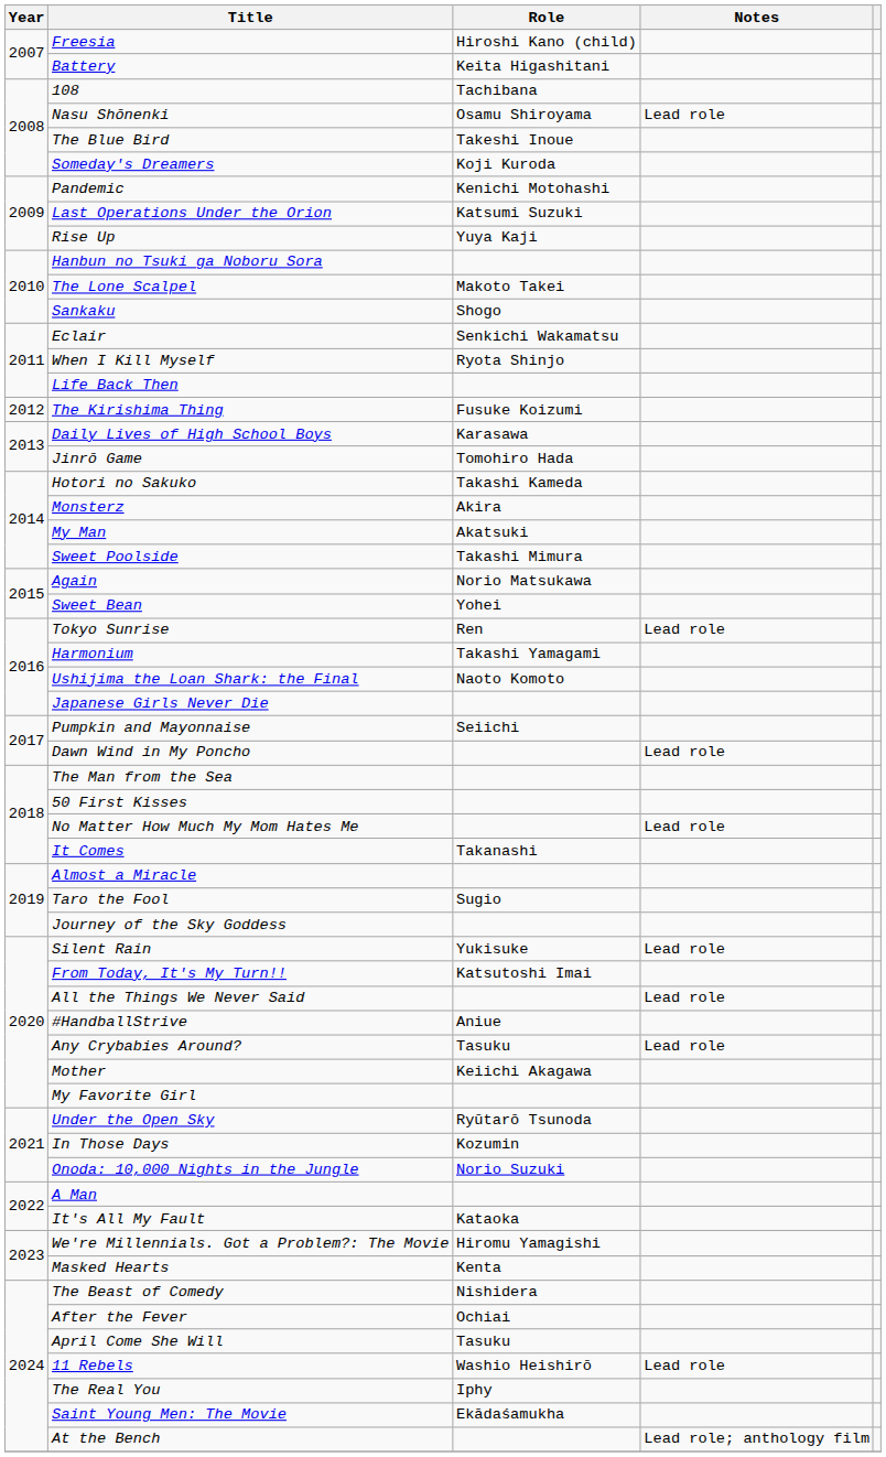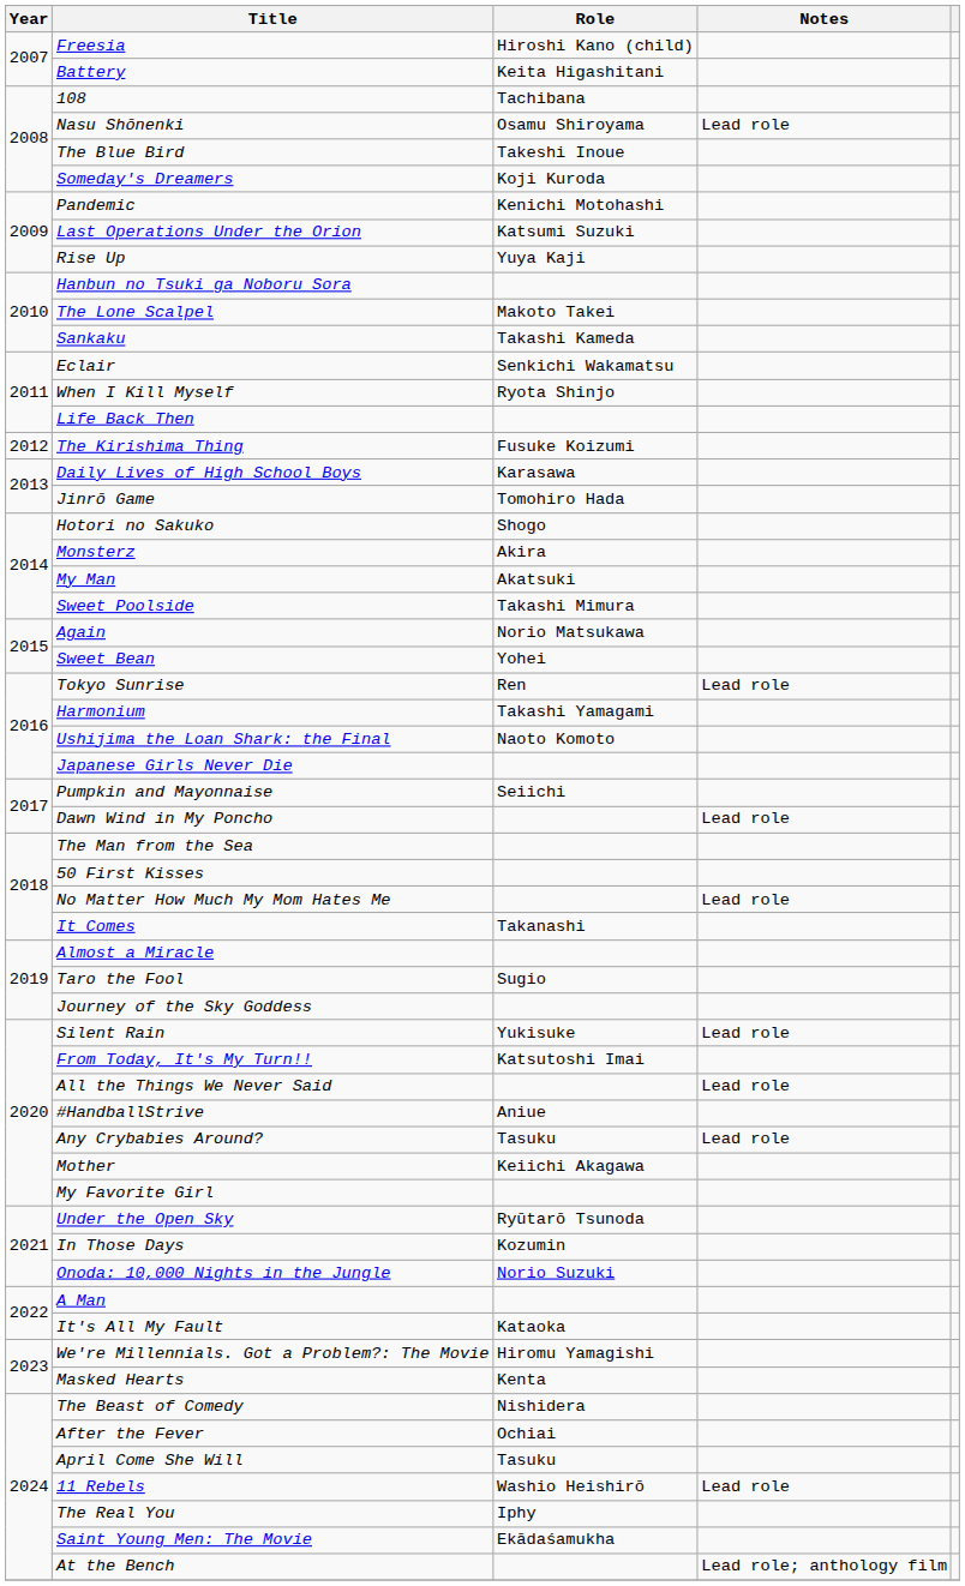 <table class="wikitable">
 <tr>
 <th>Year</th>
 <th>Title</th>
 <th>Role</th>
 <th>Notes</th>
 <th></th>
 </tr>
 <tr>
 <td rowspan="2">2007</td>
 <td><em><a href='#'>Freesia</a></em></td>
 <td>Hiroshi Kano (child)</td>
 <td></td>
 <td></td>
 </tr>
 <tr>
 <td><em><a href='#'>Battery</a></em></td>
 <td>Keita Higashitani</td>
 <td></td>
 <td></td>
 </tr>
 <tr>
 <td rowspan="4">2008</td>
 <td><em>108</em></td>
 <td>Tachibana</td>
 <td></td>
 <td></td>
 </tr>
 <tr>
 <td><em>Nasu Shōnenki</em></td>
 <td>Osamu Shiroyama</td>
 <td>Lead role</td>
 <td></td>
 </tr>
 <tr>
 <td><em>The Blue Bird</em></td>
 <td>Takeshi Inoue</td>
 <td></td>
 <td></td>
 </tr>
 <tr>
 <td><em><a href='#'>Someday's Dreamers</a></em></td>
 <td>Koji Kuroda</td>
 <td></td>
 <td></td>
 </tr>
 <tr>
 <td rowspan="3">2009</td>
 <td><em>Pandemic</em></td>
 <td>Kenichi Motohashi</td>
 <td></td>
 <td></td>
 </tr>
 <tr>
 <td><em><a href='#'>Last Operations Under the Orion</a></em></td>
 <td>Katsumi Suzuki</td>
 <td></td>
 <td></td>
 </tr>
 <tr>
 <td><em>Rise Up</em></td>
 <td>Yuya Kaji</td>
 <td></td>
 <td></td>
 </tr>
 <tr>
 <td rowspan="3">2010</td>
 <td><em><a href='#'>Hanbun no Tsuki ga Noboru Sora</a></em></td>
 <td></td>
 <td></td>
 <td></td>
 </tr>
 <tr>
 <td><em><a href='#'>The Lone Scalpel</a></em></td>
 <td>Makoto Takei</td>
 <td></td>
 <td></td>
 </tr>
 <tr>
 <td><em><a href='#'>Sankaku</a></em></td>
-<td>Shogo</td>
+<td>Takashi Kameda</td>
 <td></td>
 <td></td>
 </tr>
 <tr>
 <td rowspan="3">2011</td>
 <td><em>Eclair</em></td>
 <td>Senkichi Wakamatsu</td>
 <td></td>
 <td></td>
 </tr>
 <tr>
 <td><em>When I Kill Myself </em></td>
 <td>Ryota Shinjo</td>
 <td></td>
 <td></td>
 </tr>
 <tr>
 <td><em><a href='#'>Life Back Then</a></em></td>
 <td></td>
 <td></td>
 <td></td>
 </tr>
 <tr>
 <td>2012</td>
 <td><em><a href='#'>The Kirishima Thing</a></em></td>
 <td>Fusuke Koizumi</td>
 <td></td>
 <td></td>
 </tr>
 <tr>
 <td rowspan="2">2013</td>
 <td><em><a href='#'>Daily Lives of High School Boys</a></em></td>
 <td>Karasawa</td>
 <td></td>
 <td></td>
 </tr>
 <tr>
 <td><em>Jinrō Game</em></td>
 <td>Tomohiro Hada</td>
 <td></td>
 <td></td>
 </tr>
 <tr>
 <td rowspan="4">2014</td>
 <td><em>Hotori no Sakuko</em></td>
-<td>Takashi Kameda</td>
+<td>Shogo</td>
 <td></td>
 <td></td>
 </tr>
 <tr>
 <td><em><a href='#'>Monsterz</a></em></td>
 <td>Akira</td>
 <td></td>
 <td></td>
 </tr>
 <tr>
 <td><em><a href='#'>My Man</a></em></td>
 <td>Akatsuki</td>
 <td></td>
 <td></td>
 </tr>
 <tr>
 <td><em><a href='#'>Sweet Poolside</a></em></td>
 <td>Takashi Mimura</td>
 <td></td>
 <td></td>
 </tr>
 <tr>
 <td rowspan="2">2015</td>
 <td><em><a href='#'>Again</a></em></td>
 <td>Norio Matsukawa</td>
 <td></td>
 <td></td>
 </tr>
 <tr>
 <td><em><a href='#'>Sweet Bean</a></em></td>
 <td>Yohei</td>
 <td></td>
 <td></td>
 </tr>
 <tr>
 <td rowspan="4">2016</td>
 <td><em>Tokyo Sunrise</em></td>
 <td>Ren</td>
 <td>Lead role</td>
 <td></td>
 </tr>
 <tr>
 <td><em><a href='#'>Harmonium</a></em></td>
 <td>Takashi Yamagami</td>
 <td></td>
 <td></td>
 </tr>
 <tr>
 <td><em><a href='#'>Ushijima the Loan Shark: the Final</a></em></td>
 <td>Naoto Komoto</td>
 <td></td>
 <td></td>
 </tr>
 <tr>
 <td><em><a href='#'>Japanese Girls Never Die</a></em></td>
 <td></td>
 <td></td>
 <td></td>
 </tr>
 <tr>
 <td rowspan="2">2017</td>
 <td><em>Pumpkin and Mayonnaise</em></td>
 <td>Seiichi</td>
 <td></td>
 <td></td>
 </tr>
 <tr>
 <td><em>Dawn Wind in My Poncho</em></td>
 <td></td>
 <td>Lead role</td>
 <td></td>
 </tr>
 <tr>
 <td rowspan="4">2018</td>
 <td><em>The Man from the Sea</em></td>
 <td></td>
 <td></td>
 <td></td>
 </tr>
 <tr>
 <td><em>50 First Kisses</em></td>
 <td></td>
 <td></td>
 <td></td>
 </tr>
 <tr>
 <td><em>No Matter How Much My Mom Hates Me</em></td>
 <td></td>
 <td>Lead role</td>
 <td></td>
 </tr>
 <tr>
 <td><em><a href='#'>It Comes</a></em></td>
 <td>Takanashi</td>
 <td></td>
 <td></td>
 </tr>
 <tr>
 <td rowspan="3">2019</td>
 <td><em><a href='#'>Almost a Miracle</a></em></td>
 <td></td>
 <td></td>
 <td></td>
 </tr>
 <tr>
 <td><em>Taro the Fool</em></td>
 <td>Sugio</td>
 <td></td>
 <td></td>
 </tr>
 <tr>
 <td><em>Journey of the Sky Goddess</em></td>
 <td></td>
 <td></td>
 <td></td>
 </tr>
 <tr>
 <td rowspan="7">2020</td>
 <td><em>Silent Rain</em></td>
 <td>Yukisuke</td>
 <td>Lead role</td>
 <td></td>
 </tr>
 <tr>
 <td><em><a href='#'>From Today, It's My Turn!!</a></em></td>
 <td>Katsutoshi Imai</td>
 <td></td>
 <td></td>
 </tr>
 <tr>
 <td><em>All the Things We Never Said</em></td>
 <td></td>
 <td>Lead role</td>
 <td></td>
 </tr>
 <tr>
 <td><em>#HandballStrive</em></td>
 <td>Aniue</td>
 <td></td>
 <td></td>
 </tr>
 <tr>
 <td><em>Any Crybabies Around?</em></td>
 <td>Tasuku</td>
 <td>Lead role</td>
 <td></td>
 </tr>
 <tr>
 <td><em>Mother</em></td>
 <td>Keiichi Akagawa</td>
 <td></td>
 <td></td>
 </tr>
 <tr>
 <td><em>My Favorite Girl</em></td>
 <td></td>
 <td></td>
 <td></td>
 </tr>
 <tr>
 <td rowspan=3>2021</td>
 <td><em><a href='#'>Under the Open Sky</a></em></td>
 <td>Ryūtarō Tsunoda</td>
 <td></td>
 <td></td>
 </tr>
 <tr>
 <td><em>In Those Days</em></td>
 <td>Kozumin</td>
 <td></td>
 <td></td>
 </tr>
 <tr>
 <td><em><a href='#'>Onoda: 10,000 Nights in the Jungle</a></em></td>
 <td><a href='#'>Norio Suzuki</a></td>
 <td></td>
 <td></td>
 </tr>
 <tr>
 <td rowspan=2>2022</td>
 <td><em><a href='#'>A Man</a></em></td>
 <td></td>
 <td></td>
 <td></td>
 </tr>
 <tr>
 <td><em>It's All My Fault</em></td>
 <td>Kataoka</td>
 <td></td>
 <td></td>
 </tr>
 <tr>
 <td rowspan=2>2023</td>
 <td><em>We're Millennials. Got a Problem?: The Movie</em></td>
 <td>Hiromu Yamagishi</td>
 <td></td>
 <td></td>
 </tr>
 <tr>
 <td><em>Masked Hearts</em></td>
 <td>Kenta</td>
 <td></td>
 <td></td>
 </tr>
 <tr>
 <td rowspan=7>2024</td>
 <td><em>The Beast of Comedy</em></td>
 <td>Nishidera</td>
 <td></td>
 <td></td>
 </tr>
 <tr>
 <td><em>After the Fever</em></td>
 <td>Ochiai</td>
 <td></td>
 <td></td>
 </tr>
 <tr>
 <td><em>April Come She Will</em></td>
 <td>Tasuku</td>
 <td></td>
 <td></td>
 </tr>
 <tr>
 <td><em><a href='#'>11 Rebels</a></em></td>
 <td>Washio Heishirō</td>
 <td>Lead role</td>
 <td></td>
 </tr>
 <tr>
 <td><em>The Real You</em></td>
 <td>Iphy</td>
 <td></td>
 <td></td>
 </tr>
 <tr>
 <td><em><a href='#'>Saint Young Men: The Movie</a></em></td>
 <td>Ekādaśamukha</td>
 <td></td>
 <td></td>
 </tr>
 <tr>
 <td><em>At the Bench</em></td>
 <td></td>
 <td>Lead role; anthology film</td>
 <td></td>
 </tr>
 <tr>
 </tr>
 </table>
